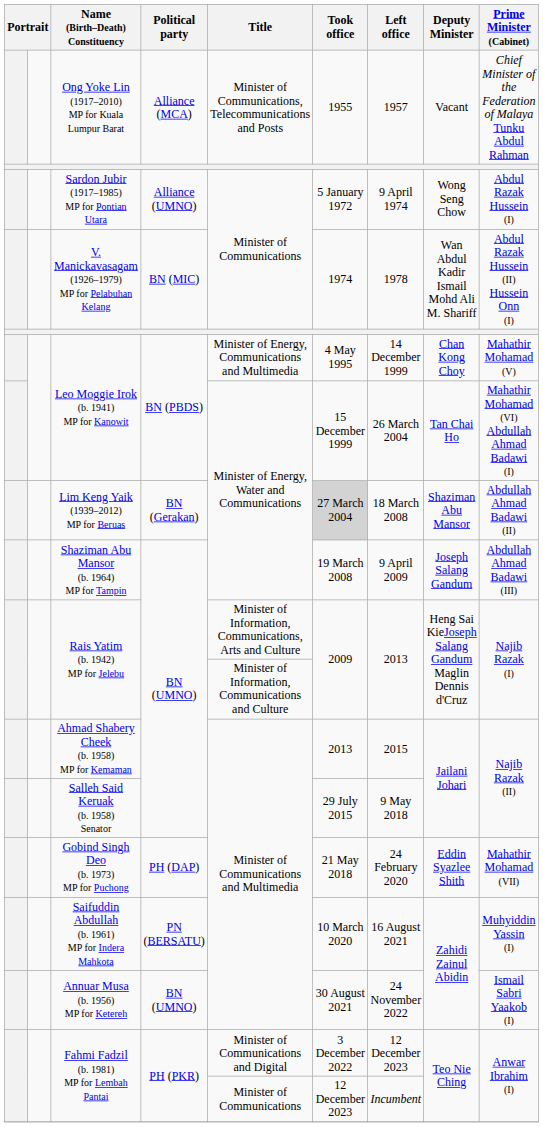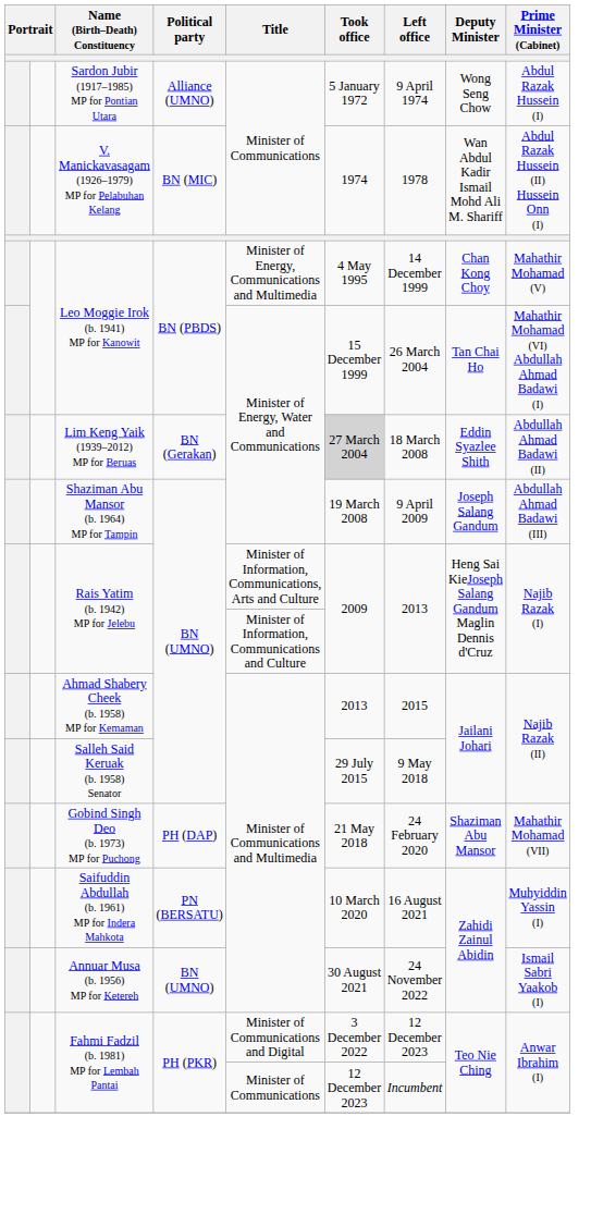 <table class="wikitable" style="text-align:center;">
 <tr>
 <th colspan=2>Portrait</th>
 <th>Name<br><small>(Birth–Death)<br>Constituency</small></th>
 <th>Political party</th>
 <th>Title</th>
 <th>Took office</th>
 <th>Left office</th>
 <th>Deputy Minister</th>
 <th><a href='#'>Prime Minister</a><br><small>(Cabinet)</small></th>
-</tr>
-<tr>
-<th style="background:"></th>
-<td></td>
-<td><a href='#'>Ong Yoke Lin</a><br><small>(1917–2010)<br>MP for Kuala Lumpur Barat</small></td>
-<td><a href='#'>Alliance</a> (<a href='#'>MCA</a>)</td>
-<td>Minister of Communications, Telecommunications and Posts</td>
-<td>1955</td>
-<td>1957</td>
-<td>Vacant</td>
-<td><em>Chief Minister of the <br>Federation of Malaya</em><br><a href='#'>Tunku Abdul Rahman</a></td>
 </tr>
 <tr>
 <th colspan="9" bgcolor="cccccc"></th>
 </tr>
 <tr>
 <th style="background:"></th>
 <td></td>
 <td><a href='#'>Sardon Jubir</a><br><small>(1917–1985)<br>MP for <a href='#'>Pontian Utara</a></small></td>
 <td><a href='#'>Alliance</a> (<a href='#'>UMNO</a>)</td>
 <td rowspan=2>Minister of Communications</td>
 <td>5 January 1972</td>
 <td>9 April 1974</td>
 <td>Wong Seng Chow</td>
 <td><a href='#'>Abdul Razak Hussein</a><br><small>(I)</small></td>
 </tr>
 <tr>
 <th style="background:"></th>
 <td></td>
 <td><a href='#'>V. Manickavasagam</a><br><small>(1926–1979)<br>MP for <a href='#'>Pelabuhan Kelang</a></small></td>
 <td><a href='#'>BN</a> (<a href='#'>MIC</a>)</td>
 <td>1974</td>
 <td>1978</td>
 <td>Wan Abdul Kadir Ismail Mohd Ali M. Shariff</td>
 <td><a href='#'>Abdul Razak Hussein</a><br><small>(II)</small><br><a href='#'>Hussein Onn</a><br><small>(I)</small></td>
 </tr>
 <tr>
 <th colspan="9" bgcolor="cccccc"></th>
 </tr>
 <tr>
 <th style="background:"></th>
 <td rowspan=2></td>
 <td rowspan=2><a href='#'>Leo Moggie Irok</a><br><small>(b. 1941)<br>MP for <a href='#'>Kanowit</a></small></td>
 <td rowspan=2><a href='#'>BN</a> (<a href='#'>PBDS</a>)</td>
 <td>Minister of Energy, Communications and Multimedia</td>
 <td>4 May 1995</td>
 <td>14 December 1999</td>
 <td><a href='#'>Chan Kong Choy</a></td>
 <td><a href='#'>Mahathir Mohamad</a><br><small>(V)</small></td>
 </tr>
 <tr>
 <th style="background:"></th>
 <td rowspan=3>Minister of Energy, Water and Communications</td>
 <td>15 December 1999</td>
 <td>26 March 2004</td>
 <td><a href='#'>Tan Chai Ho</a></td>
 <td><a href='#'>Mahathir Mohamad</a><br><small>(VI)</small><br><a href='#'>Abdullah Ahmad Badawi</a><br><small>(I)</small></td>
 </tr>
 <tr>
 <th style="background:"></th>
 <td></td>
 <td><a href='#'>Lim Keng Yaik</a><br><small>(1939–2012)<br>MP for <a href='#'>Beruas</a></small></td>
 <td><a href='#'>BN</a> (<a href='#'>Gerakan</a>)</td>
 <td style="background: lightgrey;">27 March 2004</td>
 <td>18 March 2008</td>
-<td><a href='#'>Shaziman Abu Mansor</a></td>
+<td><a href='#'>Eddin Syazlee Shith</a></td>
 <td><a href='#'>Abdullah Ahmad Badawi</a><br><small>(II)</small></td>
 </tr>
 <tr>
 <th style="background:"></th>
 <td></td>
 <td><a href='#'>Shaziman Abu Mansor</a><br><small>(b. 1964)<br>MP for <a href='#'>Tampin</a></small></td>
 <td rowspan="5"><a href='#'>BN</a> (<a href='#'>UMNO</a>)</td>
 <td>19 March 2008</td>
 <td>9 April 2009</td>
 <td><a href='#'>Joseph Salang Gandum</a></td>
 <td><a href='#'>Abdullah Ahmad Badawi</a><br><small>(III)</small></td>
 </tr>
 <tr>
 <th rowspan="2" style="background:"></th>
 <td rowspan="2"></td>
 <td rowspan="2"><a href='#'>Rais Yatim</a><br><small>(b. 1942)<br>MP for <a href='#'>Jelebu</a></small></td>
 <td>Minister of Information, Communications, Arts and Culture</td>
 <td rowspan="2">2009</td>
 <td rowspan="2">2013</td>
 <td rowspan="2">Heng Sai Kie<a href='#'>Joseph Salang Gandum</a> Maglin Dennis d'Cruz</td>
 <td rowspan="2"><a href='#'>Najib Razak</a><br><small>(I)</small></td>
 </tr>
 <tr>
 <td>Minister of Information, Communications and Culture</td>
 </tr>
 <tr>
 <th style="background:"></th>
 <td></td>
 <td><a href='#'>Ahmad Shabery Cheek</a><br><small>(b. 1958)<br>MP for <a href='#'>Kemaman</a></small></td>
 <td rowspan=5>Minister of Communications and Multimedia</td>
 <td>2013</td>
 <td>2015</td>
 <td rowspan="2"><a href='#'>Jailani Johari</a></td>
 <td rowspan="2"><a href='#'>Najib Razak</a><br><small>(II)</small></td>
 </tr>
 <tr>
 <th style="background:"></th>
 <td></td>
 <td><a href='#'>Salleh Said Keruak</a><br><small>(b. 1958)<br>Senator</small></td>
 <td>29 July 2015</td>
 <td>9 May 2018</td>
 </tr>
 <tr>
 <th style="background:"></th>
 <td></td>
 <td><a href='#'>Gobind Singh Deo</a><br><small>(b. 1973)<br> MP for <a href='#'>Puchong</a></small></td>
 <td><a href='#'>PH</a> (<a href='#'>DAP</a>)</td>
 <td>21 May 2018</td>
 <td>24 February 2020</td>
-<td><a href='#'>Eddin Syazlee Shith</a></td>
+<td><a href='#'>Shaziman Abu Mansor</a></td>
 <td><a href='#'>Mahathir Mohamad</a><br><small>(VII)</small></td>
 </tr>
 <tr>
 <th style="background:"></th>
 <td></td>
 <td><a href='#'>Saifuddin Abdullah</a><br><small>(b. 1961)<br>MP for <a href='#'>Indera Mahkota</a></small></td>
 <td><a href='#'>PN</a> (<a href='#'>BERSATU</a>)</td>
 <td>10 March 2020</td>
 <td>16 August 2021</td>
 <td rowspan="2"><a href='#'>Zahidi Zainul Abidin</a></td>
 <td><a href='#'>Muhyiddin Yassin</a><br><small>(I)</small></td>
 </tr>
 <tr>
 <th style="background:"></th>
 <td></td>
 <td><a href='#'>Annuar Musa</a><br><small>(b. 1956)<br>MP for <a href='#'>Ketereh</a></small></td>
 <td><a href='#'>BN</a> (<a href='#'>UMNO</a>)</td>
 <td>30 August 2021</td>
 <td>24 November 2022</td>
 <td><a href='#'>Ismail Sabri Yaakob</a><br><small>(I)</small></td>
 </tr>
 <tr>
 <th rowspan=2 style="background:"></th>
 <td rowspan="2"></td>
 <td rowspan="2"><a href='#'>Fahmi Fadzil</a><br><small>(b. 1981)<br>MP for <a href='#'>Lembah Pantai</a></small></td>
 <td rowspan="2"><a href='#'>PH</a> (<a href='#'>PKR</a>)</td>
 <td>Minister of Communications and Digital</td>
 <td>3 December 2022</td>
 <td>12 December 2023</td>
 <td rowspan="2"><a href='#'>Teo Nie Ching</a></td>
 <td rowspan="2"><a href='#'>Anwar Ibrahim</a><br><small>(I)</small></td>
 </tr>
 <tr>
 <td>Minister of Communications</td>
 <td>12 December 2023</td>
 <td><em>Incumbent</em></td>
 </tr>
 <tr>
 </tr>
 </table>
